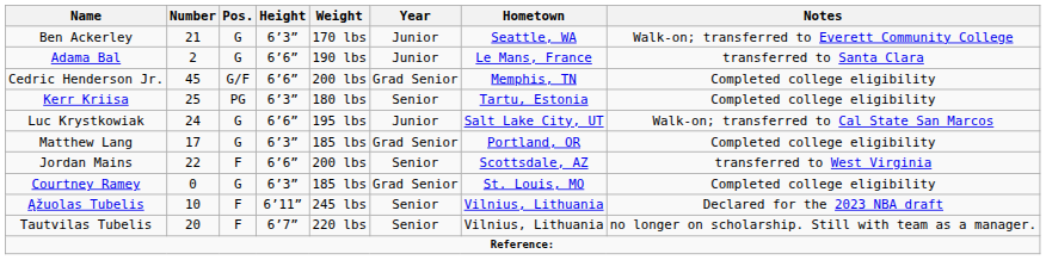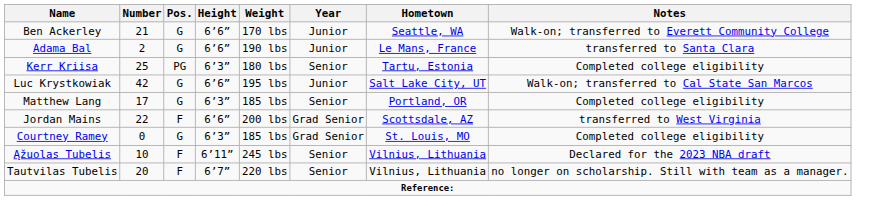 <table class="wikitable sortable" style="text-align: center">
 <tr align=center>
 <th>Name</th>
 <th>Number</th>
 <th>Pos.</th>
 <th>Height</th>
 <th>Weight</th>
 <th>Year</th>
 <th>Hometown</th>
 <th>Notes</th>
 </tr>
 <tr>
 <td>Ben Ackerley</td>
 <td>21</td>
 <td>G</td>
-<td>6’3”</td>
+<td>6’6”</td>
 <td>170 lbs</td>
 <td>Junior</td>
 <td><a href='#'>Seattle, WA</a></td>
 <td>Walk-on; transferred to <a href='#'>Everett Community College</a></td>
 </tr>
 <tr>
 <td><a href='#'>Adama Bal</a></td>
 <td>2</td>
 <td>G</td>
 <td>6’6”</td>
 <td>190 lbs</td>
 <td>Junior</td>
 <td><a href='#'>Le Mans, France</a></td>
 <td>transferred to <a href='#'>Santa Clara</a></td>
 </tr>
 <tr>
-<td>Cedric Henderson Jr.</td>
-<td>45</td>
-<td>G/F</td>
-<td>6’6”</td>
-<td>200 lbs</td>
-<td>Grad Senior</td>
-<td><a href='#'>Memphis, TN</a></td>
-<td>Completed college eligibility</td>
-</tr>
-<tr>
 <td><a href='#'>Kerr Kriisa</a></td>
 <td>25</td>
 <td>PG</td>
 <td>6’3”</td>
 <td>180 lbs</td>
 <td>Senior</td>
 <td><a href='#'>Tartu, Estonia</a></td>
 <td>Completed college eligibility</td>
 </tr>
 <tr>
 <td>Luc Krystkowiak</td>
-<td>24</td>
+<td>42</td>
 <td>G</td>
 <td>6’6”</td>
 <td>195 lbs</td>
 <td>Junior</td>
 <td><a href='#'>Salt Lake City, UT</a></td>
 <td>Walk-on; transferred to <a href='#'>Cal State San Marcos</a></td>
 </tr>
 <tr>
 <td>Matthew Lang</td>
 <td>17</td>
 <td>G</td>
 <td>6’3”</td>
 <td>185 lbs</td>
-<td>Grad Senior</td>
+<td>Senior</td>
 <td><a href='#'>Portland, OR</a></td>
 <td>Completed college eligibility</td>
 </tr>
 <tr>
 <td>Jordan Mains</td>
 <td>22</td>
 <td>F</td>
 <td>6’6”</td>
 <td>200 lbs</td>
-<td>Senior</td>
+<td>Grad Senior</td>
 <td><a href='#'>Scottsdale, AZ</a></td>
 <td>transferred to <a href='#'>West Virginia</a></td>
 </tr>
 <tr>
 <td><a href='#'>Courtney Ramey</a></td>
 <td>0</td>
 <td>G</td>
 <td>6’3”</td>
 <td>185 lbs</td>
 <td>Grad Senior</td>
 <td><a href='#'>St. Louis, MO</a></td>
 <td>Completed college eligibility</td>
 </tr>
 <tr>
 <td><a href='#'>Ąžuolas Tubelis</a></td>
 <td>10</td>
 <td>F</td>
 <td>6’11”</td>
 <td>245 lbs</td>
 <td>Senior</td>
 <td><a href='#'>Vilnius, Lithuania</a></td>
 <td>Declared for the <a href='#'>2023 NBA draft</a></td>
 </tr>
 <tr>
 <td>Tautvilas Tubelis</td>
 <td>20</td>
 <td>F</td>
 <td>6’7”</td>
 <td>220 lbs</td>
 <td>Senior</td>
 <td>Vilnius, Lithuania</td>
 <td>no longer on scholarship. Still with team as a manager.</td>
 </tr>
 <tr>
 <td colspan="8" style="font-size:8pt; text-align:center;"><strong>Reference:</strong></td>
 </tr>
 </table>
